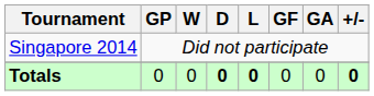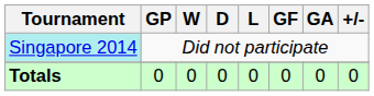 <table class="wikitable" style="text-align:center;">
 <tr>
 <th>Tournament</th>
 <th width=20>GP</th>
 <th width=20>W</th>
 <th width=20>D</th>
 <th width=20>L</th>
 <th width=20>GF</th>
 <th width=20>GA</th>
 <th width=20>+/-</th>
 </tr>
 <tr>
-<td style="text-align:left;"><a href='#'>Singapore 2014</a></td>
+<td style="background: paleturquoise; text-align:left;"><a href='#'>Singapore 2014</a></td>
 <td colspan=7><em>Did not participate</em></td>
 </tr>
 <tr>
 </tr>
 <tr style="background:#ccffcc;">
 <td style="text-align:left;"><strong>Totals</strong></td>
 <td>0</td>
 <td>0</td>
-<td><strong>0</strong></td>
-<td><strong>0</strong></td>
 <td>0</td>
 <td>0</td>
-<td><strong>0</strong></td>
+<td>0</td>
+<td>0</td>
+<td>0</td>
 </tr>
 </table>
